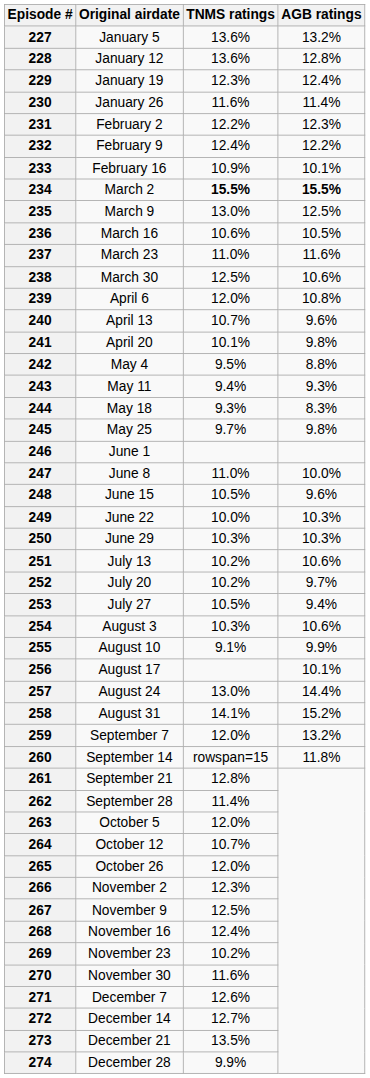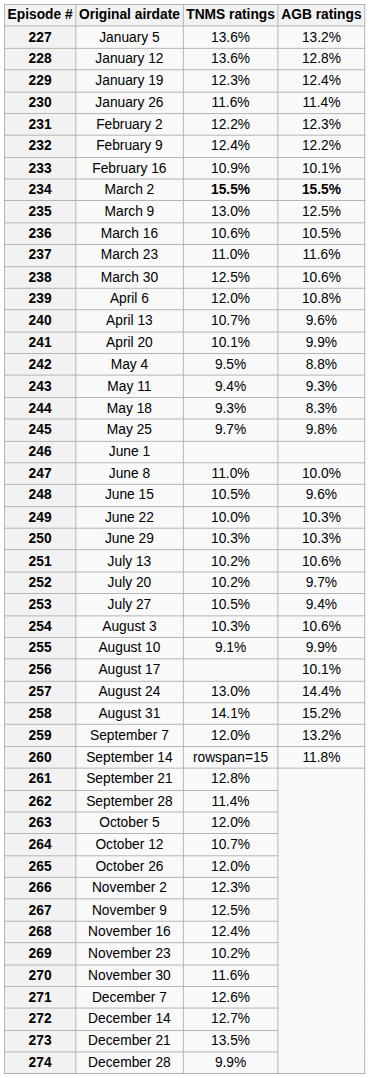 <table class="wikitable" style="text-align:center">
 <tr>
 <th>Episode #</th>
 <th>Original airdate</th>
 <th>TNMS ratings</th>
 <th>AGB ratings</th>
 </tr>
 <tr>
 <th>227</th>
 <td>January 5</td>
 <td>13.6%</td>
 <td>13.2%</td>
 </tr>
 <tr>
 <th>228</th>
 <td>January 12</td>
 <td>13.6%</td>
 <td>12.8%</td>
 </tr>
 <tr>
 <th>229</th>
 <td>January 19</td>
 <td>12.3%</td>
 <td>12.4%</td>
 </tr>
 <tr>
 <th>230</th>
 <td>January 26</td>
 <td>11.6%</td>
 <td>11.4%</td>
 </tr>
 <tr>
 <th>231</th>
 <td>February 2</td>
 <td>12.2%</td>
 <td>12.3%</td>
 </tr>
 <tr>
 <th>232</th>
 <td>February 9</td>
 <td>12.4%</td>
 <td>12.2%</td>
 </tr>
 <tr>
 <th>233</th>
 <td>February 16</td>
 <td>10.9%</td>
 <td>10.1%</td>
 </tr>
 <tr>
 <th>234</th>
 <td>March 2</td>
 <td><span><strong>15.5%</strong></span></td>
 <td><span><strong>15.5%</strong></span></td>
 </tr>
 <tr>
 <th>235</th>
 <td>March 9</td>
 <td>13.0%</td>
 <td>12.5%</td>
 </tr>
 <tr>
 <th>236</th>
 <td>March 16</td>
 <td>10.6%</td>
 <td>10.5%</td>
 </tr>
 <tr>
 <th>237</th>
 <td>March 23</td>
 <td>11.0%</td>
 <td>11.6%</td>
 </tr>
 <tr>
 <th>238</th>
 <td>March 30</td>
 <td>12.5%</td>
 <td>10.6%</td>
 </tr>
 <tr>
 <th>239</th>
 <td>April 6</td>
 <td>12.0%</td>
 <td>10.8%</td>
 </tr>
 <tr>
 <th>240</th>
 <td>April 13</td>
 <td>10.7%</td>
 <td>9.6%</td>
 </tr>
 <tr>
 <th>241</th>
 <td>April 20</td>
 <td>10.1%</td>
-<td>9.8%</td>
+<td>9.9%</td>
 </tr>
 <tr>
 <th>242</th>
 <td>May 4</td>
 <td>9.5%</td>
 <td>8.8%</td>
 </tr>
 <tr>
 <th>243</th>
 <td>May 11</td>
 <td>9.4%</td>
 <td>9.3%</td>
 </tr>
 <tr>
 <th>244</th>
 <td>May 18</td>
 <td>9.3%</td>
 <td>8.3%</td>
 </tr>
 <tr>
 <th>245</th>
 <td>May 25</td>
 <td>9.7%</td>
 <td>9.8%</td>
 </tr>
 <tr>
 <th>246</th>
 <td>June 1</td>
 <td></td>
 <td></td>
 </tr>
 <tr>
 <th>247</th>
 <td>June 8</td>
 <td>11.0%</td>
 <td>10.0%</td>
 </tr>
 <tr>
 <th>248</th>
 <td>June 15</td>
 <td>10.5%</td>
 <td>9.6%</td>
 </tr>
 <tr>
 <th>249</th>
 <td>June 22</td>
 <td>10.0%</td>
 <td>10.3%</td>
 </tr>
 <tr>
 <th>250</th>
 <td>June 29</td>
 <td>10.3%</td>
 <td>10.3%</td>
 </tr>
 <tr>
 <th>251</th>
 <td>July 13</td>
 <td>10.2%</td>
 <td>10.6%</td>
 </tr>
 <tr>
 <th>252</th>
 <td>July 20</td>
 <td>10.2%</td>
 <td>9.7%</td>
 </tr>
 <tr>
 <th>253</th>
 <td>July 27</td>
 <td>10.5%</td>
 <td>9.4%</td>
 </tr>
 <tr>
 <th>254</th>
 <td>August 3</td>
 <td>10.3%</td>
 <td>10.6%</td>
 </tr>
 <tr>
 <th>255</th>
 <td>August 10</td>
 <td>9.1%</td>
 <td>9.9%</td>
 </tr>
 <tr>
 <th>256</th>
 <td>August 17</td>
 <td></td>
 <td>10.1%</td>
 </tr>
 <tr>
 <th>257</th>
 <td>August 24</td>
 <td>13.0%</td>
 <td>14.4%</td>
 </tr>
 <tr>
 <th>258</th>
 <td>August 31</td>
 <td>14.1%</td>
 <td>15.2%</td>
 </tr>
 <tr>
 <th>259</th>
 <td>September 7</td>
 <td>12.0%</td>
 <td>13.2%</td>
 </tr>
 <tr>
 <th>260</th>
 <td>September 14</td>
 <td>rowspan=15 </td>
 <td>11.8%</td>
 </tr>
 <tr>
 <th>261</th>
 <td>September 21</td>
 <td>12.8%</td>
 </tr>
 <tr>
 <th>262</th>
 <td>September 28</td>
 <td>11.4%</td>
 </tr>
 <tr>
 <th>263</th>
 <td>October 5</td>
 <td>12.0%</td>
 </tr>
 <tr>
 <th>264</th>
 <td>October 12</td>
 <td>10.7%</td>
 </tr>
 <tr>
 <th>265</th>
 <td>October 26</td>
 <td>12.0%</td>
 </tr>
 <tr>
 <th>266</th>
 <td>November 2</td>
 <td>12.3%</td>
 </tr>
 <tr>
 <th>267</th>
 <td>November 9</td>
 <td>12.5%</td>
 </tr>
 <tr>
 <th>268</th>
 <td>November 16</td>
 <td>12.4%</td>
 </tr>
 <tr>
 <th>269</th>
 <td>November 23</td>
 <td>10.2%</td>
 </tr>
 <tr>
 <th>270</th>
 <td>November 30</td>
 <td>11.6%</td>
 </tr>
 <tr>
 <th>271</th>
 <td>December 7</td>
 <td>12.6%</td>
 </tr>
 <tr>
 <th>272</th>
 <td>December 14</td>
 <td>12.7%</td>
 </tr>
 <tr>
 <th>273</th>
 <td>December 21</td>
 <td>13.5%</td>
 </tr>
 <tr>
 <th>274</th>
 <td>December 28</td>
 <td>9.9%</td>
 </tr>
 </table>
